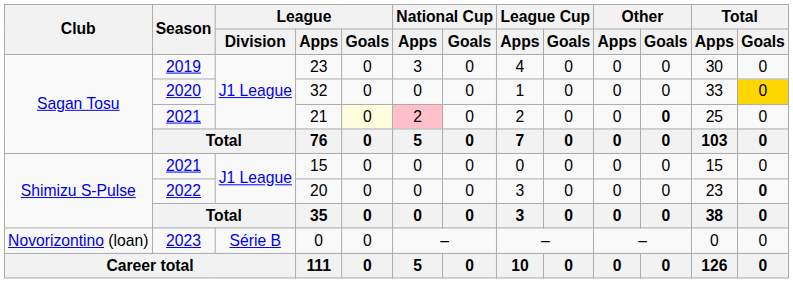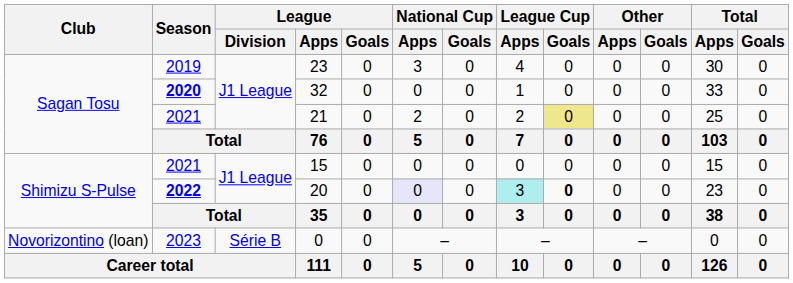 <table class="wikitable" style="text-align: center">
 <tr>
 <th rowspan="2">Club</th>
 <th rowspan="2">Season</th>
 <th colspan="3">League</th>
 <th colspan="2">National Cup</th>
 <th colspan="2">League Cup</th>
 <th colspan="2">Other</th>
 <th colspan="2">Total</th>
 </tr>
 <tr>
 <th>Division</th>
 <th>Apps</th>
 <th>Goals</th>
 <th>Apps</th>
 <th>Goals</th>
 <th>Apps</th>
 <th>Goals</th>
 <th>Apps</th>
 <th>Goals</th>
 <th>Apps</th>
 <th>Goals</th>
 </tr>
 <tr>
 <td rowspan="4"><a href='#'>Sagan Tosu</a></td>
 <td><a href='#'>2019</a></td>
 <td rowspan="3"><a href='#'>J1 League</a></td>
 <td>23</td>
 <td>0</td>
 <td>3</td>
 <td>0</td>
 <td>4</td>
 <td>0</td>
 <td>0</td>
 <td>0</td>
 <td>30</td>
 <td>0</td>
 </tr>
 <tr>
-<td><a href='#'>2020</a></td>
+<td><strong><a href='#'>2020</a></strong></td>
 <td>32</td>
 <td>0</td>
 <td>0</td>
 <td>0</td>
 <td>1</td>
 <td>0</td>
 <td>0</td>
 <td>0</td>
 <td>33</td>
-<td style="background: gold;">0</td>
+<td>0</td>
 </tr>
 <tr>
 <td><a href='#'>2021</a></td>
 <td>21</td>
-<td style="background: lightyellow;">0</td>
-<td style="background: pink;">2</td>
 <td>0</td>
 <td>2</td>
 <td>0</td>
+<td>2</td>
+<td style="background: khaki;">0</td>
 <td>0</td>
-<td><strong>0</strong></td>
+<td>0</td>
 <td>25</td>
 <td>0</td>
 </tr>
 <tr>
 <th colspan=2>Total</th>
 <th>76</th>
 <th>0</th>
 <th>5</th>
 <th>0</th>
 <th>7</th>
 <th>0</th>
 <th>0</th>
 <th>0</th>
 <th>103</th>
 <th>0</th>
 </tr>
 <tr>
 <td rowspan="3"><a href='#'>Shimizu S-Pulse</a></td>
 <td><a href='#'>2021</a></td>
 <td rowspan="2"><a href='#'>J1 League</a></td>
 <td>15</td>
 <td>0</td>
 <td>0</td>
 <td>0</td>
 <td>0</td>
 <td>0</td>
 <td>0</td>
 <td>0</td>
 <td>15</td>
 <td>0</td>
 </tr>
 <tr>
-<td><a href='#'>2022</a></td>
+<td><strong><a href='#'>2022</a></strong></td>
 <td>20</td>
 <td>0</td>
+<td style="background: lavender;">0</td>
 <td>0</td>
-<td>0</td>
-<td>3</td>
-<td>0</td>
+<td style="background: paleturquoise;">3</td>
+<td><strong>0</strong></td>
 <td>0</td>
 <td>0</td>
 <td>23</td>
-<td><strong>0</strong></td>
+<td>0</td>
 </tr>
 <tr>
 <th colspan=2>Total</th>
 <th>35</th>
 <th>0</th>
 <th>0</th>
 <th>0</th>
 <th>3</th>
 <th>0</th>
 <th>0</th>
 <th>0</th>
 <th>38</th>
 <th>0</th>
 </tr>
 <tr>
 <td rowspan="1"><a href='#'>Novorizontino</a> (loan)</td>
 <td><a href='#'>2023</a></td>
 <td rowspan="1"><a href='#'>Série B</a></td>
 <td>0</td>
 <td>0</td>
 <td colspan="2">–</td>
 <td colspan="2">–</td>
 <td colspan="2">–</td>
 <td>0</td>
 <td>0</td>
 </tr>
 <tr>
 <th colspan=3>Career total</th>
 <th>111</th>
 <th>0</th>
 <th>5</th>
 <th>0</th>
 <th>10</th>
 <th>0</th>
 <th>0</th>
 <th>0</th>
 <th>126</th>
 <th>0</th>
 </tr>
 </table>
